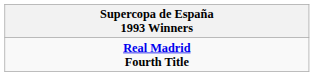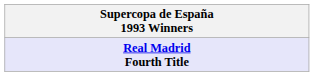 <table class="wikitable" style="text-align: center; margin: 0 auto; width: 20%">
 <tr>
 <th>Supercopa de España <br>1993 Winners</th>
 </tr>
 <tr>
-<td><strong><a href='#'>Real Madrid</a></strong><br><strong>Fourth Title</strong></td>
+<td style="background: lavender;"><strong><a href='#'>Real Madrid</a></strong><br><strong>Fourth Title</strong></td>
 </tr>
 </table>
